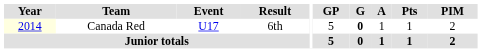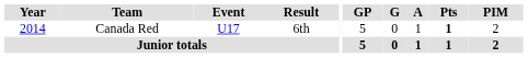 <table border="0" cellpadding="1" cellspacing="0" ID="Table3" style="text-align:center; width:40em">
 <tr bgcolor="#e0e0e0">
 <th>Year</th>
 <th>Team</th>
 <th>Event</th>
 <th>Result</th>
 <th rowspan="99" bgcolor="#ffffff"></th>
 <th>GP</th>
 <th>G</th>
 <th>A</th>
 <th>Pts</th>
 <th>PIM</th>
 </tr>
 <tr>
-<td style="background: lightyellow;"><a href='#'>2014</a></td>
+<td><a href='#'>2014</a></td>
 <td>Canada Red</td>
 <td><a href='#'>U17</a></td>
 <td>6th</td>
 <td>5</td>
-<td><strong>0</strong></td>
+<td>0</td>
 <td>1</td>
-<td>1</td>
+<td><strong>1</strong></td>
 <td>2</td>
 </tr>
 <tr bgcolor="#e0e0e0">
 <th colspan="4">Junior totals</th>
 <th>5</th>
 <th>0</th>
 <th>1</th>
 <th>1</th>
 <th>2</th>
 </tr>
 </table>
